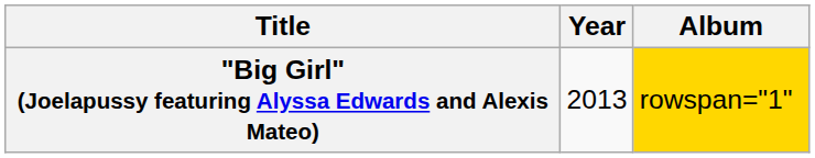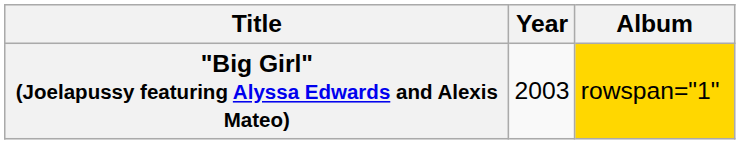 <table class="wikitable plainrowheaders" style="text-align:left;">
 <tr>
 <th scope="col"  style="width:20em;">Title</th>
 <th scope="col"  style="width:2em;">Year</th>
 <th scope="col"  style="width:6em;">Album</th>
 </tr>
 <tr>
 <th scope="row">"Big Girl" <br><small>(Joelapussy featuring <a href='#'>Alyssa Edwards</a> and Alexis Mateo)</small></th>
-<td rowspan="1">2013</td>
+<td rowspan="1">2003</td>
 <td style="background: gold;">rowspan="1" </td>
 </tr>
 </table>
